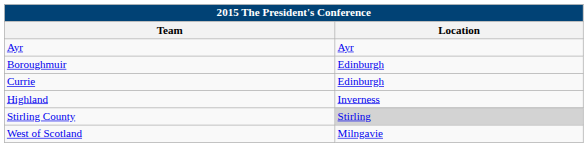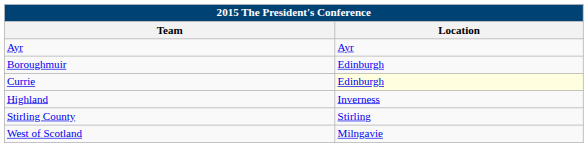 <table class="wikitable sortable" style="text-align:left; line-height:110%; font-size:100%; width:95%;">
 <tr>
 <td colspan=4 align=center  style="background-color:#014275;color:#ffffff"><strong>2015 The President's Conference</strong></td>
 </tr>
 <tr>
 <th width="40%">Team</th>
 <th width="30%">Location</th>
 </tr>
 <tr>
 <td><a href='#'>Ayr</a></td>
 <td><a href='#'>Ayr</a></td>
 </tr>
 <tr>
 <td><a href='#'>Boroughmuir</a></td>
 <td><a href='#'>Edinburgh</a></td>
 </tr>
 <tr>
 <td><a href='#'>Currie</a></td>
-<td><a href='#'>Edinburgh</a></td>
+<td style="background: lightyellow;"><a href='#'>Edinburgh</a></td>
 </tr>
 <tr>
 <td><a href='#'>Highland</a></td>
 <td><a href='#'>Inverness</a></td>
 </tr>
 <tr>
 <td><a href='#'>Stirling County</a></td>
-<td style="background: lightgrey;"><a href='#'>Stirling</a></td>
+<td><a href='#'>Stirling</a></td>
 </tr>
 <tr>
 <td><a href='#'>West of Scotland</a></td>
 <td><a href='#'>Milngavie</a></td>
 </tr>
 </table>
